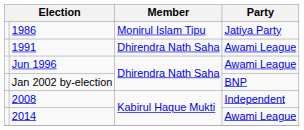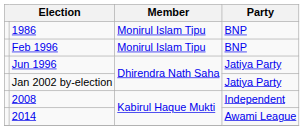 <table class="wikitable">
 <tr>
 <th colspan="2">Election</th>
 <th>Member</th>
 <th>Party</th>
 </tr>
 <tr>
 <td style="background-color:"></td>
 <td><a href='#'>1986</a></td>
 <td><a href='#'>Monirul Islam Tipu</a></td>
-<td><a href='#'>Jatiya Party</a></td>
+<td><a href='#'>BNP</a></td>
 </tr>
 <tr>
 <td style="background-color:"></td>
-<td><a href='#'>1991</a></td>
-<td><a href='#'>Dhirendra Nath Saha</a></td>
-<td><a href='#'>Awami League</a></td>
+<td><a href='#'>Feb 1996</a></td>
+<td><a href='#'>Monirul Islam Tipu</a></td>
+<td><a href='#'>BNP</a></td>
 </tr>
 <tr>
 <td style="background-color:"></td>
 <td><a href='#'>Jun 1996</a></td>
 <td rowspan="2"><a href='#'>Dhirendra Nath Saha</a></td>
-<td><a href='#'>Awami League</a></td>
+<td><a href='#'>Jatiya Party</a></td>
 </tr>
 <tr>
 <td style="background-color:"></td>
 <td>Jan 2002 by-election</td>
-<td><a href='#'>BNP</a></td>
+<td><a href='#'>Jatiya Party</a></td>
 </tr>
 <tr>
 <td style="background-color:"></td>
 <td><a href='#'>2008</a></td>
 <td rowspan="2"><a href='#'>Kabirul Haque Mukti</a></td>
 <td><a href='#'>Independent</a></td>
 </tr>
 <tr>
 <td style="background-color:"></td>
 <td><a href='#'>2014</a></td>
 <td><a href='#'>Awami League</a></td>
 </tr>
 <tr>
 </tr>
 </table>
